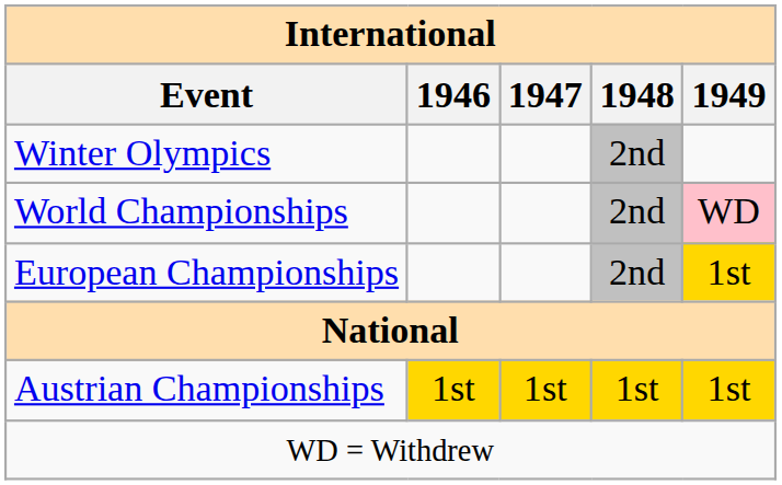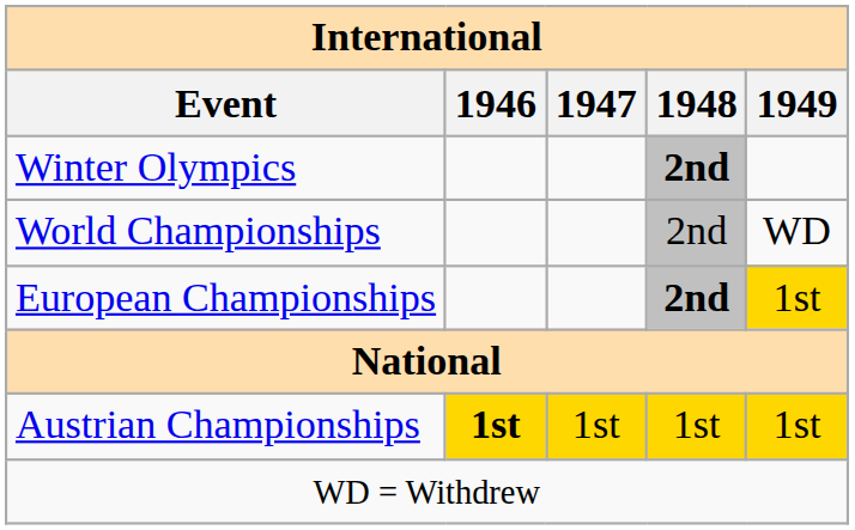 <table class="wikitable" style="text-align:center">
 <tr>
 <th style="background-color: #ffdead; " colspan=6 align=center>International</th>
 </tr>
 <tr>
 <th>Event</th>
 <th>1946</th>
 <th>1947</th>
 <th>1948</th>
 <th>1949</th>
 </tr>
 <tr>
 <td align=left><a href='#'>Winter Olympics</a></td>
 <td></td>
 <td></td>
-<td bgcolor=silver>2nd</td>
+<td bgcolor=silver><strong>2nd</strong></td>
 <td></td>
 </tr>
 <tr>
 <td align=left><a href='#'>World Championships</a></td>
 <td></td>
 <td></td>
 <td bgcolor=silver>2nd</td>
-<td style="background: pink;">WD</td>
+<td>WD</td>
 </tr>
 <tr>
 <td align=left><a href='#'>European Championships</a></td>
 <td></td>
 <td></td>
-<td bgcolor=silver>2nd</td>
+<td bgcolor=silver><strong>2nd</strong></td>
 <td bgcolor=gold>1st</td>
 </tr>
 <tr>
 <th style="background-color: #ffdead; " colspan=6 align=center>National</th>
 </tr>
 <tr>
 <td align=left><a href='#'>Austrian Championships</a></td>
-<td bgcolor=gold>1st</td>
+<td bgcolor=gold><strong>1st</strong></td>
 <td bgcolor=gold>1st</td>
 <td bgcolor=gold>1st</td>
 <td bgcolor=gold>1st</td>
 </tr>
 <tr>
 <td colspan=5 align=center><small> WD = Withdrew </small></td>
 </tr>
 </table>
